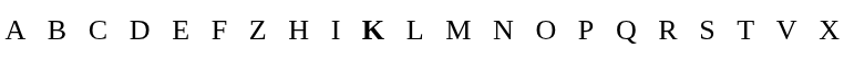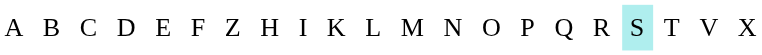 <table cellpadding = '5'>
 <tr>
 <td></td>
 <td></td>
 <td></td>
 <td></td>
 <td></td>
 <td></td>
 <td></td>
 <td></td>
 <td></td>
 <td></td>
 <td></td>
 <td></td>
 <td></td>
 <td></td>
 <td></td>
 <td></td>
 <td></td>
 <td></td>
 <td></td>
 <td></td>
 <td></td>
 </tr>
 <tr>
 <td>A</td>
 <td>B</td>
 <td>C</td>
 <td>D</td>
 <td>E</td>
 <td>F</td>
 <td>Z</td>
 <td>H</td>
 <td>I</td>
-<td><strong>K</strong></td>
+<td>K</td>
 <td>L</td>
 <td>M</td>
 <td>N</td>
 <td>O</td>
 <td>P</td>
 <td>Q</td>
 <td>R</td>
-<td>S</td>
+<td style="background: paleturquoise;">S</td>
 <td>T</td>
 <td>V</td>
 <td>X</td>
 </tr>
 </table>
